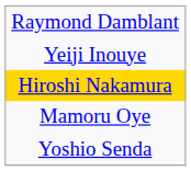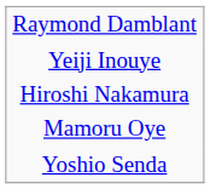 <table class="wikitable floatright" style="text-align:center;" align="right" summary="This table lists the names of Canadians who are ranked 9th dan. The names of those who are deceased are followed by a typographic dagger.">
 <tr>
 <td style="border-bottom: none;" width="132"><a href='#'>Raymond Damblant</a></td>
 </tr>
 <tr>
 <td style="border-top: none; border-bottom: none;"><a href='#'>Yeiji Inouye</a></td>
 </tr>
 <tr>
-<td style="background: gold; border-top: none; border-bottom: none;"><a href='#'>Hiroshi Nakamura</a></td>
+<td style="border-top: none; border-bottom: none;"><a href='#'>Hiroshi Nakamura</a></td>
 </tr>
 <tr>
 <td style="border-top: none; border-bottom: none;"><a href='#'>Mamoru Oye</a></td>
 </tr>
 <tr>
 <td style="border-top: none;"><a href='#'>Yoshio Senda</a></td>
 </tr>
 <tr>
 </tr>
 </table>
